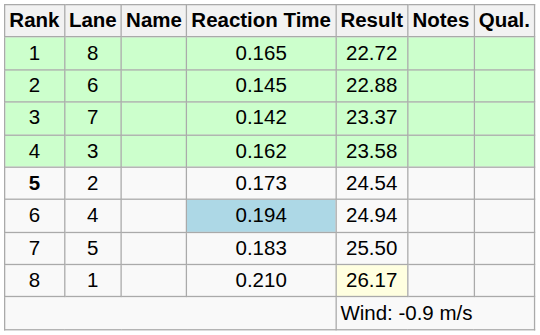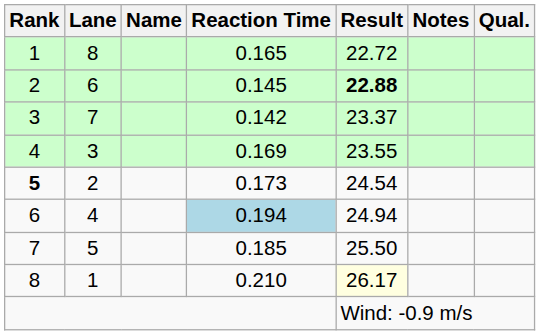 <table class="wikitable sortable" style="text-align:center">
 <tr>
 <th>Rank</th>
 <th>Lane</th>
 <th>Name</th>
 <th>Reaction Time</th>
 <th>Result</th>
 <th>Notes</th>
 <th>Qual.</th>
 </tr>
 <tr bgcolor=ccffcc>
 <td>1</td>
 <td>8</td>
 <td align="left"></td>
 <td>0.165</td>
 <td>22.72</td>
 <td></td>
 <td></td>
 </tr>
 <tr bgcolor=ccffcc>
 <td>2</td>
 <td>6</td>
 <td align="left"></td>
 <td>0.145</td>
-<td>22.88</td>
+<td><strong>22.88</strong></td>
 <td></td>
 <td></td>
 </tr>
 <tr bgcolor=ccffcc>
 <td>3</td>
 <td>7</td>
 <td align="left"></td>
 <td>0.142</td>
 <td>23.37</td>
 <td></td>
 <td></td>
 </tr>
 <tr bgcolor=ccffcc>
 <td>4</td>
 <td>3</td>
 <td align="left"></td>
-<td>0.162</td>
-<td>23.58</td>
+<td>0.169</td>
+<td>23.55</td>
 <td></td>
 <td></td>
 </tr>
 <tr>
 <td><strong>5</strong></td>
 <td>2</td>
 <td align="left"></td>
 <td>0.173</td>
 <td>24.54</td>
 <td></td>
 <td></td>
 </tr>
 <tr>
 <td>6</td>
 <td>4</td>
 <td align="left"></td>
 <td style="background: lightblue;">0.194</td>
 <td>24.94</td>
 <td></td>
 <td></td>
 </tr>
 <tr>
 <td>7</td>
 <td>5</td>
 <td align="left"></td>
-<td>0.183</td>
+<td>0.185</td>
 <td>25.50</td>
 <td></td>
 <td></td>
 </tr>
 <tr>
 <td>8</td>
 <td>1</td>
 <td align="left"></td>
 <td>0.210</td>
 <td style="background: lightyellow;">26.17</td>
 <td></td>
 <td></td>
 </tr>
 <tr class="sortbottom">
 <td colspan=4></td>
 <td colspan="3" style="text-align:left;">Wind: -0.9 m/s</td>
 </tr>
 </table>
